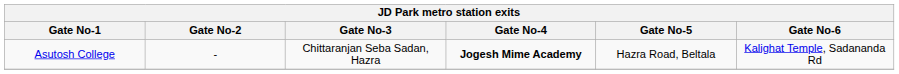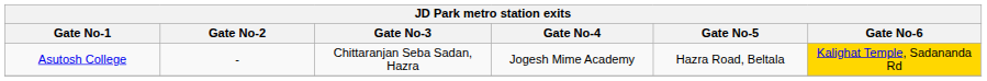 <table class="wikitable" style="text-align: center;" width="65%">
 <tr>
 <th align="center" colspan="6" style="background:;"><span><strong>JD Park metro station exits </strong></span></th>
 </tr>
 <tr>
 <th style="width:5%;">Gate No-1</th>
 <th style="width:5%;">Gate No-2</th>
 <th style="width:5%;">Gate No-3</th>
 <th style="width:5%;">Gate No-4</th>
 <th style="width:5%;">Gate No-5</th>
 <th style="width:5%;">Gate No-6</th>
 </tr>
 <tr>
 <td><a href='#'>Asutosh College</a></td>
 <td>-</td>
 <td>Chittaranjan Seba Sadan, Hazra</td>
-<td><strong>Jogesh Mime Academy</strong></td>
+<td>Jogesh Mime Academy</td>
 <td>Hazra Road, Beltala</td>
-<td><a href='#'>Kalighat Temple</a>, Sadananda Rd</td>
+<td style="background: gold;"><a href='#'>Kalighat Temple</a>, Sadananda Rd</td>
 </tr>
 <tr>
 </tr>
 </table>
